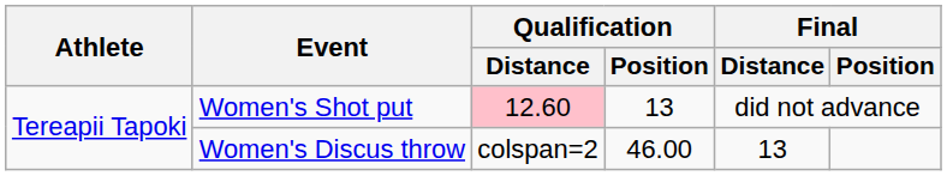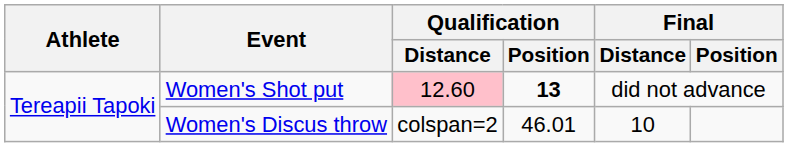 <table class=wikitable style="font-size:90%">
 <tr>
 <th rowspan=2>Athlete</th>
 <th rowspan=2>Event</th>
 <th colspan=2>Qualification</th>
 <th colspan=2>Final</th>
 </tr>
 <tr style="font-size:95%">
 <th>Distance</th>
 <th>Position</th>
 <th>Distance</th>
 <th>Position</th>
 </tr>
 <tr align=center>
 <td align=left rowspan=2><a href='#'>Tereapii Tapoki</a></td>
 <td align=left><a href='#'>Women's Shot put</a></td>
 <td style="background: pink;">12.60</td>
-<td>13</td>
+<td><strong>13</strong></td>
 <td colspan=2>did not advance</td>
 </tr>
 <tr align=center>
 <td align=left><a href='#'>Women's Discus throw</a></td>
 <td>colspan=2 </td>
-<td>46.00</td>
-<td>13</td>
+<td>46.01</td>
+<td>10</td>
 </tr>
 </table>
